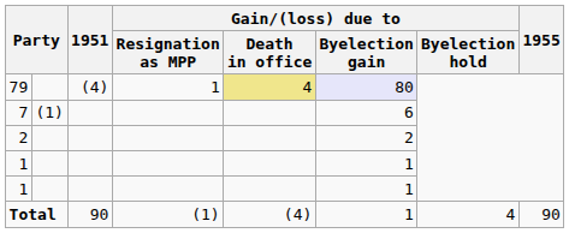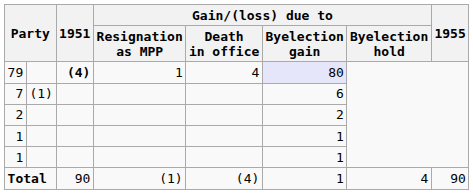 <table class="wikitable" style="text-align:right">
 <tr>
 <th rowspan="2" colspan="2">Party</th>
 <th rowspan="2">1951</th>
 <th colspan="4">Gain/(loss) due to</th>
 <th rowspan="2">1955</th>
 </tr>
 <tr>
 <th>Resignation<br>as MPP</th>
 <th>Death<br>in office</th>
 <th>Byelection<br>gain</th>
 <th>Byelection<br>hold</th>
 </tr>
 <tr>
 <td>79</td>
 <td></td>
-<td>(4)</td>
+<td><strong>(4)</strong></td>
 <td>1</td>
-<td style="background: khaki;">4</td>
+<td>4</td>
 <td style="background: lavender;">80</td>
 </tr>
 <tr>
 <td>7</td>
 <td>(1)</td>
 <td></td>
 <td></td>
 <td></td>
 <td>6</td>
 </tr>
 <tr>
 <td>2</td>
 <td></td>
 <td></td>
 <td></td>
 <td></td>
 <td>2</td>
 </tr>
 <tr>
 <td>1</td>
 <td></td>
 <td></td>
 <td></td>
 <td></td>
 <td>1</td>
 </tr>
 <tr>
 <td>1</td>
 <td></td>
 <td></td>
 <td></td>
 <td></td>
 <td>1</td>
 </tr>
 <tr>
 <td colspan="2" style="text-align:left;"><strong>Total</strong></td>
 <td>90</td>
 <td>(1)</td>
 <td>(4)</td>
 <td>1</td>
 <td>4</td>
 <td>90</td>
 </tr>
 </table>
